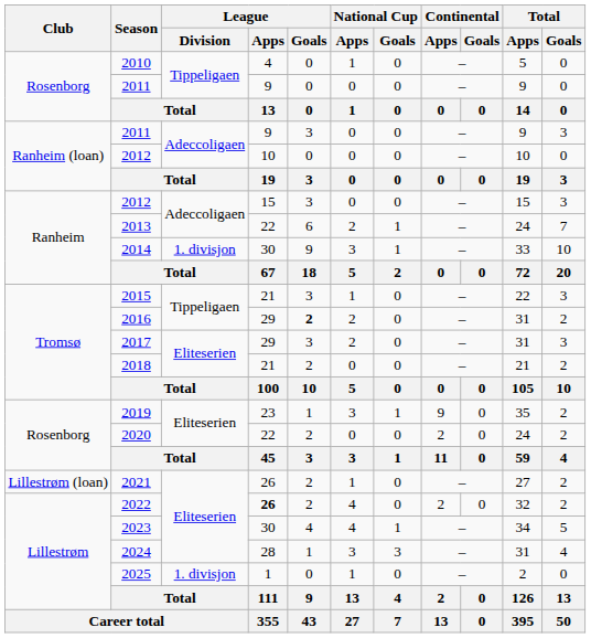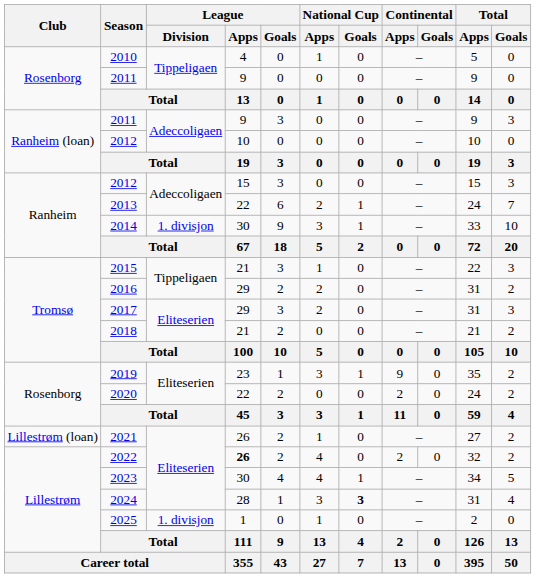 <table class="wikitable" style="text-align:center">
 <tr>
 <th rowspan="2">Club</th>
 <th rowspan="2">Season</th>
 <th colspan="3">League</th>
 <th colspan="2">National Cup</th>
 <th colspan="2">Continental</th>
 <th colspan="2">Total</th>
 </tr>
 <tr>
 <th>Division</th>
 <th>Apps</th>
 <th>Goals</th>
 <th>Apps</th>
 <th>Goals</th>
 <th>Apps</th>
 <th>Goals</th>
 <th>Apps</th>
 <th>Goals</th>
 </tr>
 <tr>
 <td rowspan="3"><a href='#'>Rosenborg</a></td>
 <td><a href='#'>2010</a></td>
 <td rowspan="2"><a href='#'>Tippeligaen</a></td>
 <td>4</td>
 <td>0</td>
 <td>1</td>
 <td>0</td>
 <td colspan="2">–</td>
 <td>5</td>
 <td>0</td>
 </tr>
 <tr>
 <td><a href='#'>2011</a></td>
 <td>9</td>
 <td>0</td>
 <td>0</td>
 <td>0</td>
 <td colspan="2">–</td>
 <td>9</td>
 <td>0</td>
 </tr>
 <tr>
 <th colspan="2">Total</th>
 <th>13</th>
 <th>0</th>
 <th>1</th>
 <th>0</th>
 <th>0</th>
 <th>0</th>
 <th>14</th>
 <th>0</th>
 </tr>
 <tr>
 <td rowspan="3"><a href='#'>Ranheim</a> (loan)</td>
 <td><a href='#'>2011</a></td>
 <td rowspan="2"><a href='#'>Adeccoligaen</a></td>
 <td>9</td>
 <td>3</td>
 <td>0</td>
 <td>0</td>
 <td colspan="2">–</td>
 <td>9</td>
 <td>3</td>
 </tr>
 <tr>
 <td><a href='#'>2012</a></td>
 <td>10</td>
 <td>0</td>
 <td>0</td>
 <td>0</td>
 <td colspan="2">–</td>
 <td>10</td>
 <td>0</td>
 </tr>
 <tr>
 <th colspan="2">Total</th>
 <th>19</th>
 <th>3</th>
 <th>0</th>
 <th>0</th>
 <th>0</th>
 <th>0</th>
 <th>19</th>
 <th>3</th>
 </tr>
 <tr>
 <td rowspan="4">Ranheim</td>
 <td><a href='#'>2012</a></td>
 <td rowspan="2">Adeccoligaen</td>
 <td>15</td>
 <td>3</td>
 <td>0</td>
 <td>0</td>
 <td colspan="2">–</td>
 <td>15</td>
 <td>3</td>
 </tr>
 <tr>
 <td><a href='#'>2013</a></td>
 <td>22</td>
 <td>6</td>
 <td>2</td>
 <td>1</td>
 <td colspan="2">–</td>
 <td>24</td>
 <td>7</td>
 </tr>
 <tr>
 <td><a href='#'>2014</a></td>
 <td><a href='#'>1. divisjon</a></td>
 <td>30</td>
 <td>9</td>
 <td>3</td>
 <td>1</td>
 <td colspan="2">–</td>
 <td>33</td>
 <td>10</td>
 </tr>
 <tr>
 <th colspan="2">Total</th>
 <th>67</th>
 <th>18</th>
 <th>5</th>
 <th>2</th>
 <th>0</th>
 <th>0</th>
 <th>72</th>
 <th>20</th>
 </tr>
 <tr>
 <td rowspan="5"><a href='#'>Tromsø</a></td>
 <td><a href='#'>2015</a></td>
 <td rowspan="2">Tippeligaen</td>
 <td>21</td>
 <td>3</td>
 <td>1</td>
 <td>0</td>
 <td colspan="2">–</td>
 <td>22</td>
 <td>3</td>
 </tr>
 <tr>
 <td><a href='#'>2016</a></td>
 <td>29</td>
-<td><strong>2</strong></td>
+<td>2</td>
 <td>2</td>
 <td>0</td>
 <td colspan="2">–</td>
 <td>31</td>
 <td>2</td>
 </tr>
 <tr>
 <td><a href='#'>2017</a></td>
 <td rowspan="2"><a href='#'>Eliteserien</a></td>
 <td>29</td>
 <td>3</td>
 <td>2</td>
 <td>0</td>
 <td colspan="2">–</td>
 <td>31</td>
 <td>3</td>
 </tr>
 <tr>
 <td><a href='#'>2018</a></td>
 <td>21</td>
 <td>2</td>
 <td>0</td>
 <td>0</td>
 <td colspan="2">–</td>
 <td>21</td>
 <td>2</td>
 </tr>
 <tr>
 <th colspan="2">Total</th>
 <th>100</th>
 <th>10</th>
 <th>5</th>
 <th>0</th>
 <th>0</th>
 <th>0</th>
 <th>105</th>
 <th>10</th>
 </tr>
 <tr>
 <td rowspan="3">Rosenborg</td>
 <td><a href='#'>2019</a></td>
 <td rowspan="2">Eliteserien</td>
 <td>23</td>
 <td>1</td>
 <td>3</td>
 <td>1</td>
 <td>9</td>
 <td>0</td>
 <td>35</td>
 <td>2</td>
 </tr>
 <tr>
 <td><a href='#'>2020</a></td>
 <td>22</td>
 <td>2</td>
 <td>0</td>
 <td>0</td>
 <td>2</td>
 <td>0</td>
 <td>24</td>
 <td>2</td>
 </tr>
 <tr>
 <th colspan="2">Total</th>
 <th>45</th>
 <th>3</th>
 <th>3</th>
 <th>1</th>
 <th>11</th>
 <th>0</th>
 <th>59</th>
 <th>4</th>
 </tr>
 <tr>
 <td><a href='#'>Lillestrøm</a> (loan)</td>
 <td><a href='#'>2021</a></td>
 <td rowspan="4"><a href='#'>Eliteserien</a></td>
 <td>26</td>
 <td>2</td>
 <td>1</td>
 <td>0</td>
 <td colspan="2">–</td>
 <td>27</td>
 <td>2</td>
 </tr>
 <tr>
 <td rowspan="5"><a href='#'>Lillestrøm</a></td>
 <td><a href='#'>2022</a></td>
 <td><strong>26</strong></td>
 <td>2</td>
 <td>4</td>
 <td>0</td>
 <td>2</td>
 <td>0</td>
 <td>32</td>
 <td>2</td>
 </tr>
 <tr>
 <td><a href='#'>2023</a></td>
 <td>30</td>
 <td>4</td>
 <td>4</td>
 <td>1</td>
 <td colspan="2">–</td>
 <td>34</td>
 <td>5</td>
 </tr>
 <tr>
 <td><a href='#'>2024</a></td>
 <td>28</td>
 <td>1</td>
 <td>3</td>
-<td>3</td>
+<td><strong>3</strong></td>
 <td colspan="2">–</td>
 <td>31</td>
 <td>4</td>
 </tr>
 <tr>
 <td><a href='#'>2025</a></td>
 <td><a href='#'>1. divisjon</a></td>
 <td>1</td>
 <td>0</td>
 <td>1</td>
 <td>0</td>
 <td colspan="2">–</td>
 <td>2</td>
 <td>0</td>
 </tr>
 <tr>
 <th colspan="2">Total</th>
 <th>111</th>
 <th>9</th>
 <th>13</th>
 <th>4</th>
 <th>2</th>
 <th>0</th>
 <th>126</th>
 <th>13</th>
 </tr>
 <tr>
 <th colspan="3">Career total</th>
 <th>355</th>
 <th>43</th>
 <th>27</th>
 <th>7</th>
 <th>13</th>
 <th>0</th>
 <th>395</th>
 <th>50</th>
 </tr>
 </table>
